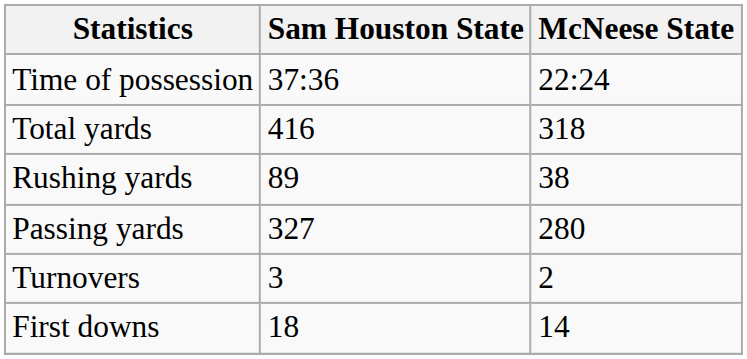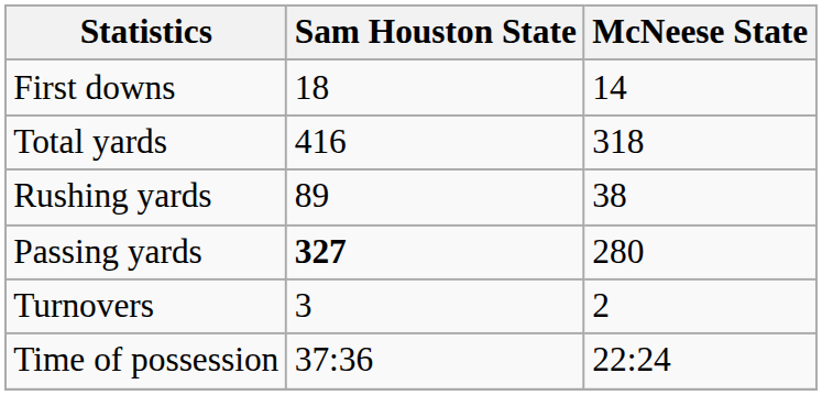 <table class="wikitable">
 <tr>
 <th>Statistics</th>
 <th>Sam Houston State</th>
 <th>McNeese State</th>
 </tr>
 <tr>
-<td>Time of possession</td>
-<td>37:36</td>
-<td>22:24</td>
+<td>First downs</td>
+<td>18</td>
+<td>14</td>
 </tr>
 <tr>
 <td>Total yards</td>
 <td>416</td>
 <td>318</td>
 </tr>
 <tr>
 <td>Rushing yards</td>
 <td>89</td>
 <td>38</td>
 </tr>
 <tr>
 <td>Passing yards</td>
-<td>327</td>
+<td><strong>327</strong></td>
 <td>280</td>
 </tr>
 <tr>
 <td>Turnovers</td>
 <td>3</td>
 <td>2</td>
 </tr>
 <tr>
-<td>First downs</td>
-<td>18</td>
-<td>14</td>
+<td>Time of possession</td>
+<td>37:36</td>
+<td>22:24</td>
 </tr>
 <tr>
 </tr>
 </table>
